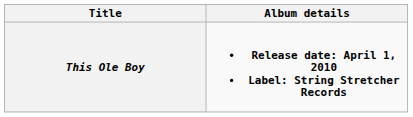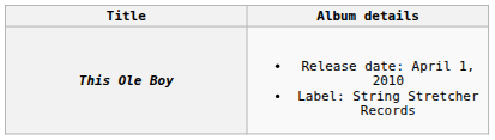 <table class="wikitable plainrowheaders" style="text-align:center;">
 <tr>
 <th style="width:18em;">Title</th>
 <th style="width:18em;">Album details</th>
 </tr>
 <tr>
 <th scope="row"><em>This Ole Boy</em></th>
-<td><strong><br><ul><li>Release date: April 1, 2010</li><li>Label: String Stretcher Records</li></ul></strong></td>
+<td><br><ul><li>Release date: April 1, 2010</li><li>Label: String Stretcher Records</li></ul></td>
 </tr>
 </table>
